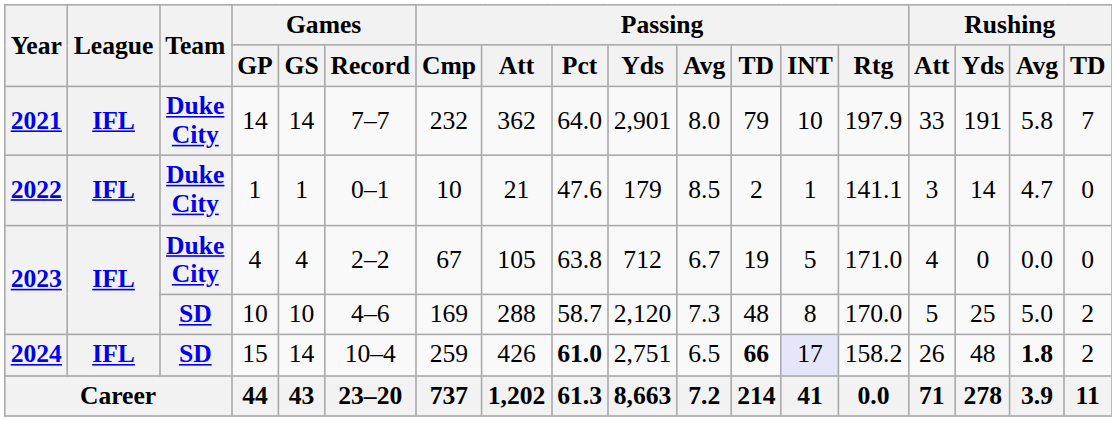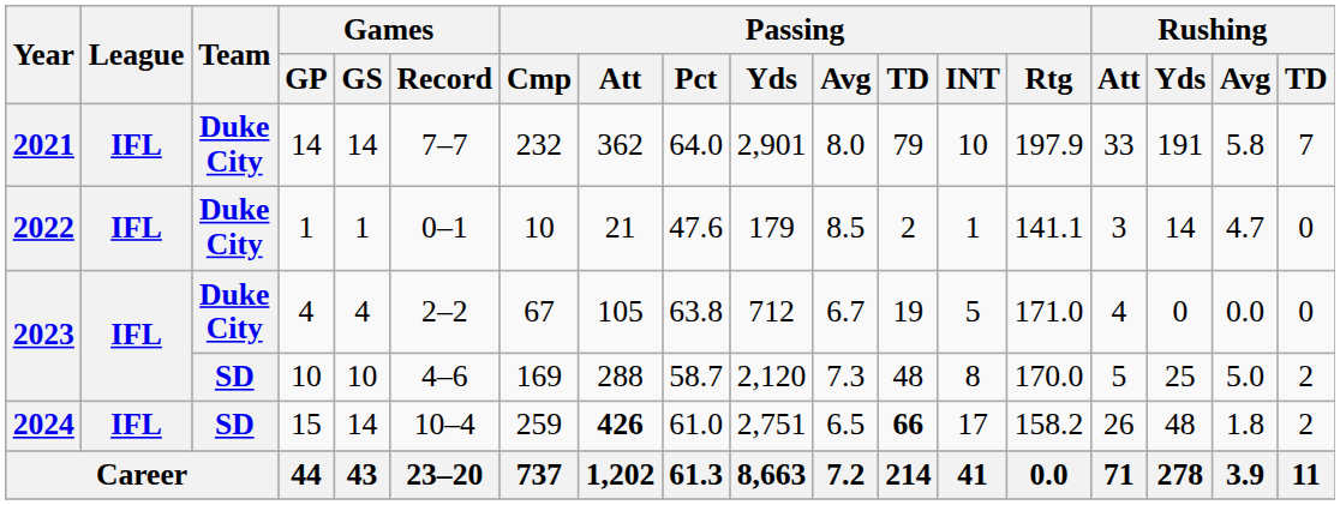 <table class="wikitable" style="text-align:center;">
 <tr>
 <th rowspan="2">Year</th>
 <th rowspan="2">League</th>
 <th rowspan="2">Team</th>
 <th colspan="3">Games</th>
 <th colspan="8">Passing</th>
 <th colspan="4">Rushing</th>
 </tr>
 <tr>
 <th>GP</th>
 <th>GS</th>
 <th>Record</th>
 <th>Cmp</th>
 <th>Att</th>
 <th>Pct</th>
 <th>Yds</th>
 <th>Avg</th>
 <th>TD</th>
 <th>INT</th>
 <th>Rtg</th>
 <th>Att</th>
 <th>Yds</th>
 <th>Avg</th>
 <th>TD</th>
 </tr>
 <tr>
 <th><a href='#'>2021</a></th>
 <th><a href='#'>IFL</a></th>
 <th><a href='#'>Duke City</a></th>
 <td>14</td>
 <td>14</td>
 <td>7–7</td>
 <td>232</td>
 <td>362</td>
 <td>64.0</td>
 <td>2,901</td>
 <td>8.0</td>
 <td>79</td>
 <td>10</td>
 <td>197.9</td>
 <td>33</td>
 <td>191</td>
 <td>5.8</td>
 <td>7</td>
 </tr>
 <tr>
 <th><a href='#'>2022</a></th>
 <th><a href='#'>IFL</a></th>
 <th><a href='#'>Duke City</a></th>
 <td>1</td>
 <td>1</td>
 <td>0–1</td>
 <td>10</td>
 <td>21</td>
 <td>47.6</td>
 <td>179</td>
 <td>8.5</td>
 <td>2</td>
 <td>1</td>
 <td>141.1</td>
 <td>3</td>
 <td>14</td>
 <td>4.7</td>
 <td>0</td>
 </tr>
 <tr>
 <th rowspan="2"><a href='#'>2023</a></th>
 <th rowspan="2"><a href='#'>IFL</a></th>
 <th><a href='#'>Duke City</a></th>
 <td>4</td>
 <td>4</td>
 <td>2–2</td>
 <td>67</td>
 <td>105</td>
 <td>63.8</td>
 <td>712</td>
 <td>6.7</td>
 <td>19</td>
 <td>5</td>
 <td>171.0</td>
 <td>4</td>
 <td>0</td>
 <td>0.0</td>
 <td>0</td>
 </tr>
 <tr>
 <th><a href='#'>SD</a></th>
 <td>10</td>
 <td>10</td>
 <td>4–6</td>
 <td>169</td>
 <td>288</td>
 <td>58.7</td>
 <td>2,120</td>
 <td>7.3</td>
 <td>48</td>
 <td>8</td>
 <td>170.0</td>
 <td>5</td>
 <td>25</td>
 <td>5.0</td>
 <td>2</td>
 </tr>
 <tr>
 <th><a href='#'>2024</a></th>
 <th><a href='#'>IFL</a></th>
 <th><a href='#'>SD</a></th>
 <td>15</td>
 <td>14</td>
 <td>10–4</td>
 <td>259</td>
-<td>426</td>
-<td><strong>61.0</strong></td>
+<td><strong>426</strong></td>
+<td>61.0</td>
 <td>2,751</td>
 <td>6.5</td>
 <td><strong>66</strong></td>
-<td style="background: lavender;">17</td>
+<td>17</td>
 <td>158.2</td>
 <td>26</td>
 <td>48</td>
-<td><strong>1.8</strong></td>
+<td>1.8</td>
 <td>2</td>
 </tr>
 <tr>
 <th colspan="3">Career</th>
 <th>44</th>
 <th>43</th>
 <th>23–20</th>
 <th>737</th>
 <th>1,202</th>
 <th>61.3</th>
 <th>8,663</th>
 <th>7.2</th>
 <th>214</th>
 <th>41</th>
 <th>0.0</th>
 <th>71</th>
 <th>278</th>
 <th>3.9</th>
 <th>11</th>
 </tr>
 </table>
